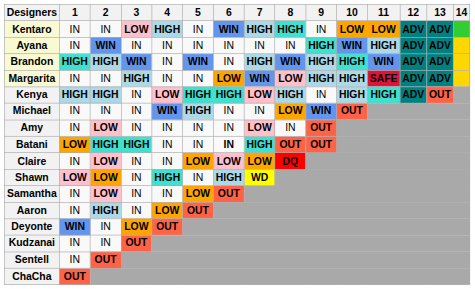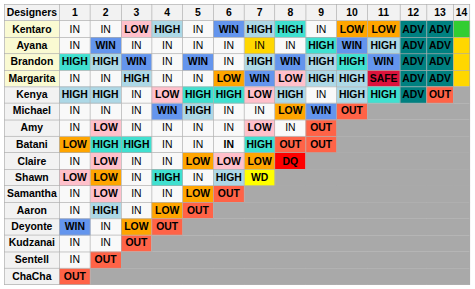 <table class="wikitable" style="text-align:center">
 <tr>
 <th>Designers</th>
 <th>1</th>
 <th>2</th>
 <th>3</th>
 <th>4</th>
 <th>5</th>
 <th>6</th>
 <th>7</th>
 <th>8</th>
 <th>9</th>
 <th>10</th>
 <th>11</th>
 <th>12</th>
 <th>13</th>
 <th>14</th>
 </tr>
 <tr>
 <th style="background:#FAFAD2;">Kentaro</th>
 <td>IN</td>
 <td>IN</td>
 <td style="background:pink;"><strong>LOW</strong></td>
 <td style="background:lightblue;"><strong>HIGH</strong></td>
 <td>IN</td>
 <td style="background:cornflowerblue;"><strong>WIN</strong></td>
 <td style="background:lightblue;"><strong>HIGH</strong></td>
 <td style="background:turquoise;"><strong>HIGH</strong></td>
 <td>IN</td>
 <td style="background:orange;"><strong>LOW</strong></td>
 <td style="background:orange;"><strong>LOW</strong></td>
 <td style="background:teal;"><strong>ADV</strong></td>
 <td style="background:teal;"><strong>ADV</strong></td>
 <td style="background:Limegreen;"></td>
 </tr>
 <tr>
 <th style="background:#FAFAD2;">Ayana</th>
 <td>IN</td>
 <td style="background:cornflowerblue;"><strong>WIN</strong></td>
 <td>IN</td>
 <td>IN</td>
 <td>IN</td>
 <td>IN</td>
-<td>IN</td>
+<td style="background: gold;">IN</td>
 <td>IN</td>
 <td style="background:turquoise;"><strong>HIGH</strong></td>
 <td style="background:cornflowerblue;"><strong>WIN</strong></td>
 <td style="background:lightblue;"><strong>HIGH</strong></td>
 <td style="background:teal;"><strong>ADV</strong></td>
 <td style="background:teal;"><strong>ADV</strong></td>
 <td style="background:gold;"></td>
 </tr>
 <tr>
 <th style="background:#FAFAD2;">Brandon</th>
 <td style="background:turquoise;"><strong>HIGH</strong></td>
 <td style="background:lightblue;"><strong>HIGH</strong></td>
 <td style="background:cornflowerblue;"><strong>WIN</strong></td>
 <td>IN</td>
 <td style="background:cornflowerblue;"><strong>WIN</strong></td>
 <td>IN</td>
 <td style="background:lightblue;"><strong>HIGH</strong></td>
 <td style="background:cornflowerblue;"><strong>WIN</strong></td>
 <td style="background:lightblue;"><strong>HIGH</strong></td>
 <td style="background:turquoise;"><strong>HIGH</strong></td>
 <td style="background:cornflowerblue;"><strong>WIN</strong></td>
 <td style="background:teal;"><strong>ADV</strong></td>
 <td style="background:teal;"><strong>ADV</strong></td>
 <td style="background:gold;"></td>
 </tr>
 <tr>
 <th style="background:#FAFAD2;">Margarita</th>
 <td>IN</td>
 <td>IN</td>
 <td style="background:lightblue;"><strong>HIGH</strong></td>
 <td>IN</td>
 <td>IN</td>
 <td style="background:orange;"><strong>LOW</strong></td>
 <td style="background:cornflowerblue;"><strong>WIN</strong></td>
 <td style="background:pink;"><strong>LOW</strong></td>
 <td style="background:lightblue;"><strong>HIGH</strong></td>
 <td style="background:lightblue;"><strong>HIGH</strong></td>
 <td style="background:crimson;"><strong>SAFE</strong></td>
 <td style="background:teal;"><strong>ADV</strong></td>
 <td style="background:teal;"><strong>ADV</strong></td>
 <td style="background:gold;"></td>
 </tr>
 <tr>
 <th>Kenya</th>
 <td style="background:lightblue;"><strong>HIGH</strong></td>
 <td style="background:lightblue;"><strong>HIGH</strong></td>
 <td>IN</td>
 <td style="background:pink;"><strong>LOW</strong></td>
 <td style="background:turquoise;"><strong>HIGH</strong></td>
 <td style="background:turquoise;"><strong>HIGH</strong></td>
 <td style="background:pink;"><strong>LOW</strong></td>
 <td style="background:lightblue;"><strong>HIGH</strong></td>
 <td>IN</td>
 <td style="background:lightblue;"><strong>HIGH</strong></td>
 <td style="background:turquoise;"><strong>HIGH</strong></td>
 <td style="background:teal;"><strong>ADV</strong></td>
 <td style="background:tomato;"><strong>OUT</strong></td>
 <td style="background:darkgray;" colspan="2"></td>
 </tr>
 <tr>
 <th>Michael</th>
 <td>IN</td>
 <td>IN</td>
 <td>IN</td>
 <td style="background:cornflowerblue;"><strong>WIN</strong></td>
 <td style="background:lightblue;"><strong>HIGH</strong></td>
 <td>IN</td>
 <td>IN</td>
 <td style="background:orange;"><strong>LOW</strong></td>
 <td style="background:cornflowerblue;"><strong>WIN</strong></td>
 <td style="background:tomato;"><strong>OUT</strong></td>
 <td colspan="5" style="background:darkgray;"></td>
 </tr>
 <tr>
 <th>Amy</th>
 <td>IN</td>
 <td style="background:pink;"><strong>LOW</strong></td>
 <td>IN</td>
 <td>IN</td>
 <td>IN</td>
 <td>IN</td>
 <td style="background:pink;"><strong>LOW</strong></td>
 <td>IN</td>
 <td style="background:tomato;"><strong>OUT</strong></td>
 <td colspan="6" style="background:darkgray;"></td>
 </tr>
 <tr>
 <th>Batani</th>
 <td style="background:orange;"><strong>LOW</strong></td>
 <td style="background:turquoise;"><strong>HIGH</strong></td>
 <td style="background:turquoise;"><strong>HIGH</strong></td>
 <td>IN</td>
 <td>IN</td>
 <td><strong>IN</strong></td>
 <td style="background:turquoise;"><strong>HIGH</strong></td>
 <td style="background:tomato;"><strong>OUT</strong></td>
 <td style="background:tomato;"><strong>OUT</strong></td>
 <td colspan="6" style="background:darkgray;"></td>
 </tr>
 <tr>
 <th>Claire</th>
 <td>IN</td>
 <td style="background:pink;"><strong>LOW</strong></td>
 <td>IN</td>
 <td>IN</td>
 <td style="background:orange;"><strong>LOW</strong></td>
 <td style="background:pink;"><strong>LOW</strong></td>
 <td style="background:orange;"><strong>LOW</strong></td>
 <td style="background:red;"><strong>DQ</strong></td>
 <td colspan="7" style="background:darkgray;"></td>
 </tr>
 <tr>
 <th>Shawn</th>
 <td style="background:pink;"><strong>LOW</strong></td>
 <td style="background:orange;"><strong>LOW</strong></td>
 <td>IN</td>
 <td style="background:turquoise;"><strong>HIGH</strong></td>
 <td>IN</td>
 <td style="background:lightblue;"><strong>HIGH</strong></td>
 <td style="background:yellow;"><strong>WD</strong></td>
 <td colspan="8" style="background:darkgray;"></td>
 </tr>
 <tr>
 <th>Samantha</th>
 <td>IN</td>
 <td style="background:pink;"><strong>LOW</strong></td>
 <td>IN</td>
 <td>IN</td>
 <td style="background:orange;"><strong>LOW</strong></td>
 <td style="background:tomato;"><strong>OUT</strong></td>
 <td colspan="9" style="background:darkgray;"></td>
 </tr>
 <tr>
 <th>Aaron</th>
 <td>IN</td>
 <td style="background:lightblue;"><strong>HIGH</strong></td>
 <td>IN</td>
 <td style="background:orange;"><strong>LOW</strong></td>
 <td style="background:tomato;"><strong>OUT</strong></td>
 <td colspan="10" style="background:darkgray;"></td>
 </tr>
 <tr>
 <th>Deyonte</th>
 <td style="background:cornflowerblue;"><strong>WIN</strong></td>
 <td>IN</td>
 <td style="background:orange;"><strong>LOW</strong></td>
 <td style="background:tomato;"><strong>OUT</strong></td>
 <td colspan="11" style="background:darkgray;"></td>
 </tr>
 <tr>
 <th>Kudzanai</th>
 <td>IN</td>
 <td>IN</td>
 <td style="background:tomato;"><strong>OUT</strong></td>
 <td colspan="12" style="background:darkgray;"></td>
 </tr>
 <tr>
 <th>Sentell</th>
 <td>IN</td>
 <td style="background:tomato;"><strong>OUT</strong></td>
 <td colspan="13" style="background:darkgray;"></td>
 </tr>
 <tr>
 <th>ChaCha</th>
 <td style="background:tomato;"><strong>OUT</strong></td>
 <td colspan="14" style="background:darkgray;"></td>
 </tr>
 </table>
